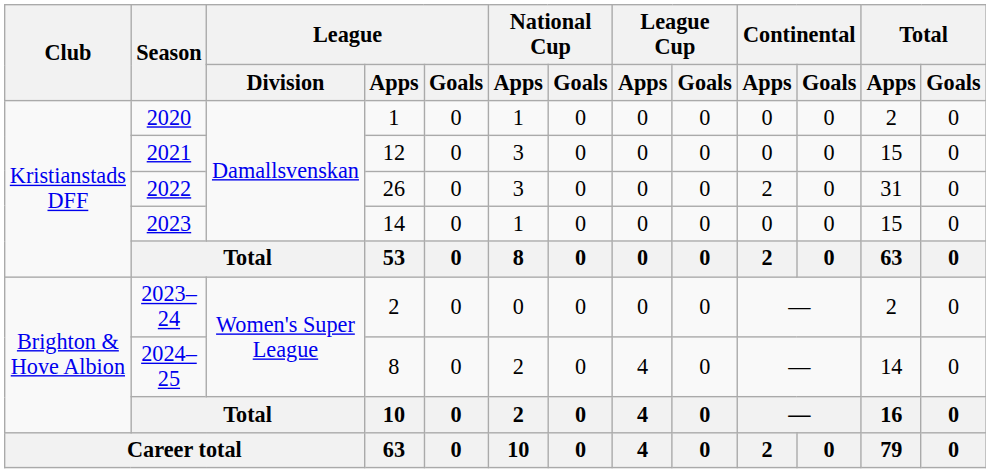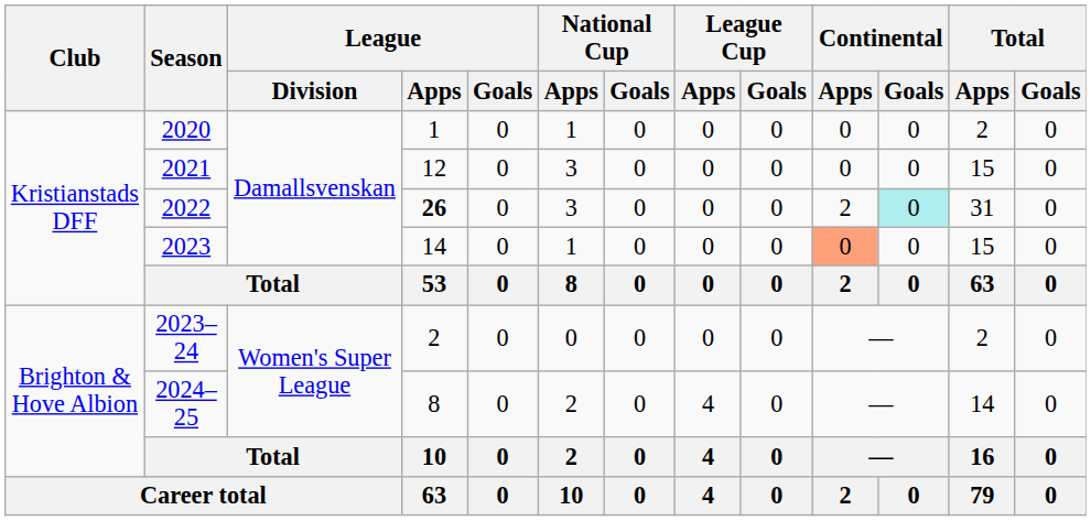 <table class="wikitable" style="text-align: center;">
 <tr>
 <th rowspan="2">Club</th>
 <th rowspan="2">Season</th>
 <th colspan="3">League</th>
 <th colspan="2">National Cup</th>
 <th colspan="2">League Cup</th>
 <th colspan="2">Continental</th>
 <th colspan="2">Total</th>
 </tr>
 <tr>
 <th>Division</th>
 <th>Apps</th>
 <th>Goals</th>
 <th>Apps</th>
 <th>Goals</th>
 <th>Apps</th>
 <th>Goals</th>
 <th>Apps</th>
 <th>Goals</th>
 <th>Apps</th>
 <th>Goals</th>
 </tr>
 <tr>
 <td rowspan=5><a href='#'>Kristianstads DFF</a></td>
 <td><a href='#'>2020</a></td>
 <td rowspan=4><a href='#'>Damallsvenskan</a></td>
 <td>1</td>
 <td>0</td>
 <td>1</td>
 <td>0</td>
 <td>0</td>
 <td>0</td>
 <td>0</td>
 <td>0</td>
 <td>2</td>
 <td>0</td>
 </tr>
 <tr>
 <td><a href='#'>2021</a></td>
 <td>12</td>
 <td>0</td>
 <td>3</td>
 <td>0</td>
 <td>0</td>
 <td>0</td>
 <td>0</td>
 <td>0</td>
 <td>15</td>
 <td>0</td>
 </tr>
 <tr>
 <td><a href='#'>2022</a></td>
-<td>26</td>
+<td><strong>26</strong></td>
 <td>0</td>
 <td>3</td>
 <td>0</td>
 <td>0</td>
 <td>0</td>
 <td>2</td>
-<td>0</td>
+<td style="background: paleturquoise;">0</td>
 <td>31</td>
 <td>0</td>
 </tr>
 <tr>
 <td><a href='#'>2023</a></td>
 <td>14</td>
 <td>0</td>
 <td>1</td>
 <td>0</td>
 <td>0</td>
 <td>0</td>
-<td>0</td>
+<td style="background: lightsalmon;">0</td>
 <td>0</td>
 <td>15</td>
 <td>0</td>
 </tr>
 <tr>
 <th colspan="2">Total</th>
 <th>53</th>
 <th>0</th>
 <th>8</th>
 <th>0</th>
 <th>0</th>
 <th>0</th>
 <th>2</th>
 <th>0</th>
 <th>63</th>
 <th>0</th>
 </tr>
 <tr>
 <td rowspan=3><a href='#'>Brighton & Hove Albion</a></td>
 <td><a href='#'>2023–24</a></td>
 <td rowspan=2><a href='#'>Women's Super League</a></td>
 <td>2</td>
 <td>0</td>
 <td>0</td>
 <td>0</td>
 <td>0</td>
 <td>0</td>
 <td colspan="2">—</td>
 <td>2</td>
 <td>0</td>
 </tr>
 <tr>
 <td><a href='#'>2024–25</a></td>
 <td>8</td>
 <td>0</td>
 <td>2</td>
 <td>0</td>
 <td>4</td>
 <td>0</td>
 <td colspan="2">—</td>
 <td>14</td>
 <td>0</td>
 </tr>
 <tr>
 <th colspan="2">Total</th>
 <th>10</th>
 <th>0</th>
 <th>2</th>
 <th>0</th>
 <th>4</th>
 <th>0</th>
 <th colspan="2">—</th>
 <th>16</th>
 <th>0</th>
 </tr>
 <tr>
 <th colspan="3">Career total</th>
 <th>63</th>
 <th>0</th>
 <th>10</th>
 <th>0</th>
 <th>4</th>
 <th>0</th>
 <th>2</th>
 <th>0</th>
 <th>79</th>
 <th>0</th>
 </tr>
 </table>
